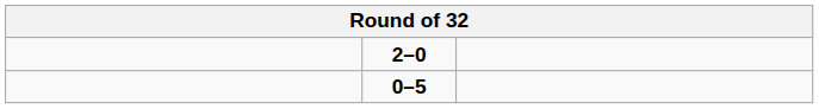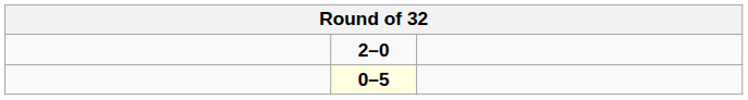 <table class="wikitable" style="text-align: center;">
 <tr>
 <th colspan=3>Round of 32</th>
 </tr>
 <tr>
 <td align=left width="270"><strong></strong></td>
 <td align=center width="65"><strong>2–0</strong></td>
 <td align=left width="270"></td>
 </tr>
 <tr>
 <td align=left></td>
-<td align=center><strong>0–5</strong></td>
+<td align=center style="background: lightyellow;"><strong>0–5</strong></td>
 <td align=left><strong></strong></td>
 </tr>
 </table>
